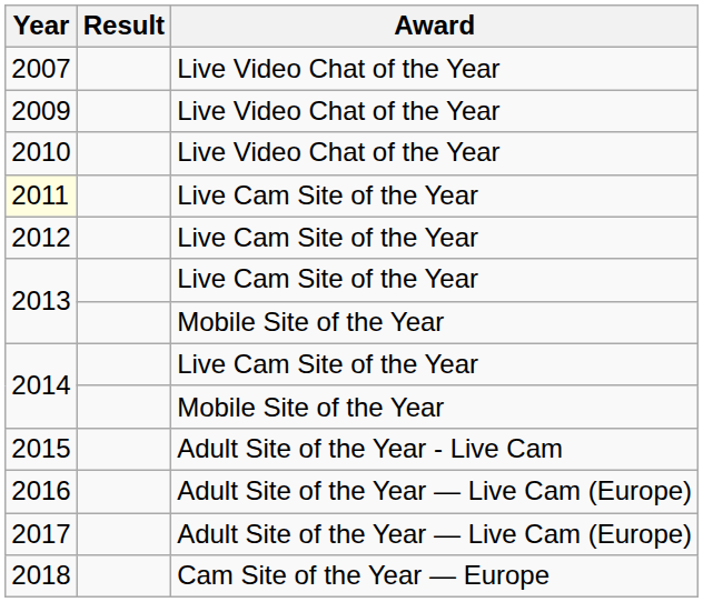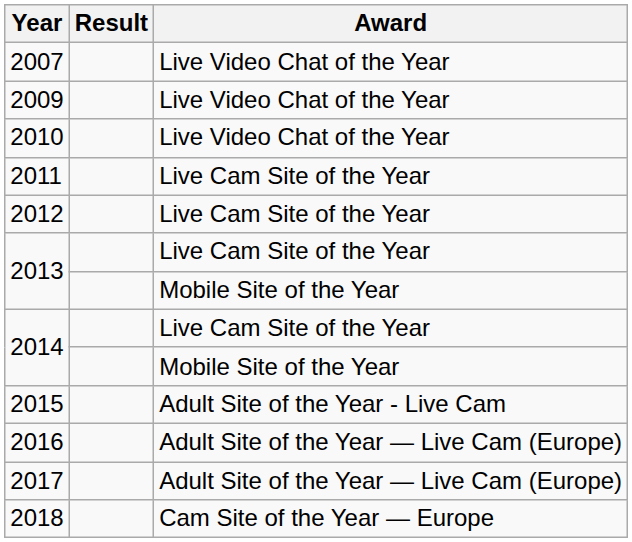 <table class="wikitable">
 <tr>
 <th>Year</th>
 <th>Result</th>
 <th>Award</th>
 </tr>
 <tr>
 <td>2007</td>
 <td></td>
 <td>Live Video Chat of the Year</td>
 </tr>
 <tr>
 <td>2009</td>
 <td></td>
 <td>Live Video Chat of the Year</td>
 </tr>
 <tr>
 <td>2010</td>
 <td></td>
 <td>Live Video Chat of the Year</td>
 </tr>
 <tr>
-<td style="background: lightyellow;">2011</td>
+<td>2011</td>
 <td></td>
 <td>Live Cam Site of the Year</td>
 </tr>
 <tr>
 <td>2012</td>
 <td></td>
 <td>Live Cam Site of the Year</td>
 </tr>
 <tr>
 <td rowspan="2">2013</td>
 <td></td>
 <td>Live Cam Site of the Year</td>
 </tr>
 <tr>
 <td></td>
 <td>Mobile Site of the Year</td>
 </tr>
 <tr>
 <td rowspan="2">2014</td>
 <td></td>
 <td>Live Cam Site of the Year</td>
 </tr>
 <tr>
 <td></td>
 <td>Mobile Site of the Year</td>
 </tr>
 <tr>
 <td>2015</td>
 <td></td>
 <td>Adult Site of the Year - Live Cam</td>
 </tr>
 <tr>
 <td>2016</td>
 <td></td>
 <td>Adult Site of the Year — Live Cam (Europe)</td>
 </tr>
 <tr>
 <td>2017</td>
 <td></td>
 <td>Adult Site of the Year — Live Cam (Europe)</td>
 </tr>
 <tr>
 <td>2018</td>
 <td></td>
 <td>Cam Site of the Year — Europe</td>
 </tr>
 </table>
